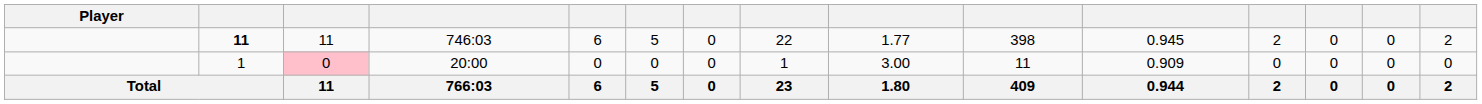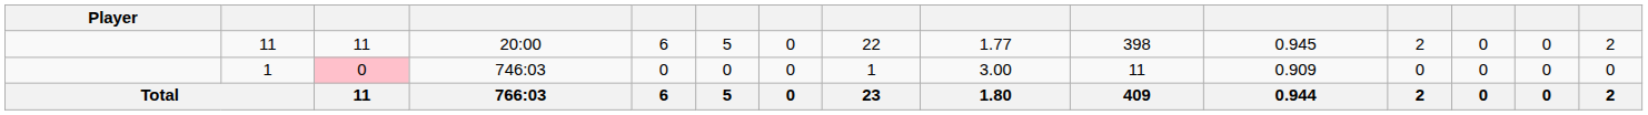 <table class="wikitable sortable" style="width:100%; text-align:center;">
 <tr>
 <th>Player</th>
 <th></th>
 <th></th>
 <th></th>
 <th></th>
 <th></th>
 <th></th>
 <th></th>
 <th></th>
 <th></th>
 <th></th>
 <th></th>
 <th></th>
 <th></th>
 <th></th>
 </tr>
 <tr>
 <td></td>
-<td><strong>11</strong></td>
 <td>11</td>
-<td>746:03</td>
+<td>11</td>
+<td>20:00</td>
 <td>6</td>
 <td>5</td>
 <td>0</td>
 <td>22</td>
 <td>1.77</td>
 <td>398</td>
 <td>0.945</td>
 <td>2</td>
 <td>0</td>
 <td>0</td>
 <td>2</td>
 </tr>
 <tr>
 <td></td>
 <td>1</td>
 <td style="background: pink;">0</td>
-<td>20:00</td>
+<td>746:03</td>
 <td>0</td>
 <td>0</td>
 <td>0</td>
 <td>1</td>
 <td>3.00</td>
 <td>11</td>
 <td>0.909</td>
 <td>0</td>
 <td>0</td>
 <td>0</td>
 <td>0</td>
 </tr>
 <tr class="sortbottom">
 <th colspan=2>Total</th>
 <th>11</th>
 <th>766:03</th>
 <th>6</th>
 <th>5</th>
 <th>0</th>
 <th>23</th>
 <th>1.80</th>
 <th>409</th>
 <th>0.944</th>
 <th>2</th>
 <th>0</th>
 <th>0</th>
 <th>2</th>
 </tr>
 </table>
